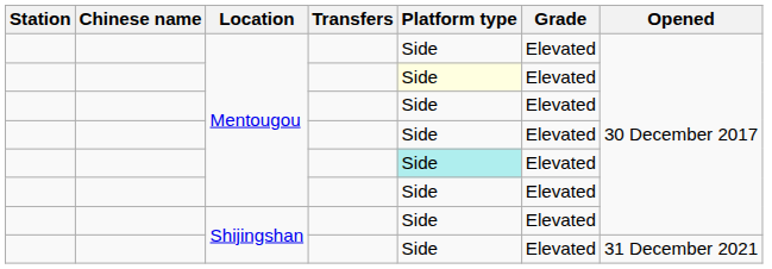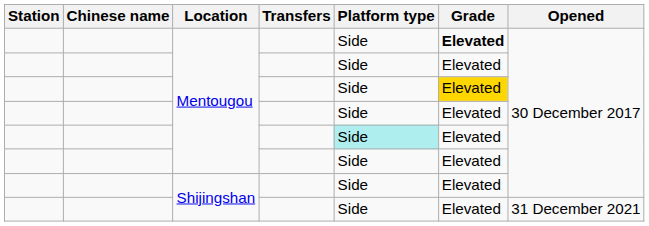 <table class=wikitable>
 <tr>
 <th>Station</th>
 <th>Chinese name</th>
 <th>Location</th>
 <th>Transfers</th>
 <th>Platform type</th>
 <th>Grade</th>
 <th>Opened</th>
 </tr>
 <tr>
 <td></td>
 <td><span></span></td>
 <td rowspan=6><a href='#'>Mentougou</a></td>
 <td></td>
 <td>Side</td>
-<td>Elevated</td>
+<td><strong>Elevated</strong></td>
 <td rowspan=7>30 December 2017</td>
 </tr>
 <tr>
 <td></td>
 <td><span></span></td>
 <td></td>
-<td style="background: lightyellow;">Side</td>
+<td>Side</td>
 <td>Elevated</td>
 </tr>
 <tr>
 <td></td>
 <td><span></span></td>
 <td></td>
 <td>Side</td>
-<td>Elevated</td>
+<td style="background: gold;">Elevated</td>
 </tr>
 <tr>
 <td></td>
 <td><span></span></td>
 <td></td>
 <td>Side</td>
 <td>Elevated</td>
 </tr>
 <tr>
 <td></td>
 <td><span></span></td>
 <td></td>
 <td style="background: paleturquoise;">Side</td>
 <td>Elevated</td>
 </tr>
 <tr>
 <td></td>
 <td><span></span></td>
 <td></td>
 <td>Side</td>
 <td>Elevated</td>
 </tr>
 <tr>
 <td></td>
 <td><span></span></td>
 <td rowspan=2><a href='#'>Shijingshan</a></td>
 <td> </td>
 <td>Side</td>
 <td>Elevated</td>
 </tr>
 <tr>
 <td></td>
 <td><span></span></td>
 <td></td>
 <td>Side</td>
 <td>Elevated</td>
 <td>31 December 2021</td>
 </tr>
 </table>
